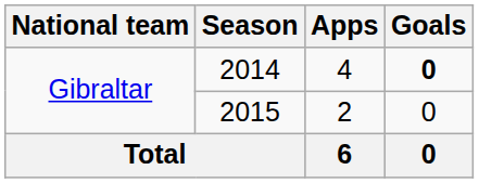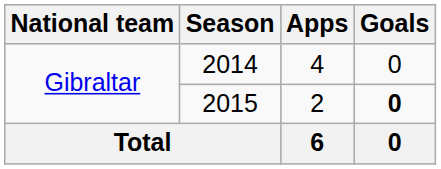 <table class="wikitable" style="text-align: center">
 <tr>
 <th>National team</th>
 <th>Season</th>
 <th>Apps</th>
 <th>Goals</th>
 </tr>
 <tr>
 <td rowspan=2><a href='#'>Gibraltar</a></td>
 <td>2014</td>
 <td>4</td>
-<td><strong>0</strong></td>
+<td>0</td>
 </tr>
 <tr>
 <td>2015</td>
 <td>2</td>
-<td>0</td>
+<td><strong>0</strong></td>
 </tr>
 <tr>
 <th colspan="2">Total</th>
 <th>6</th>
 <th>0</th>
 </tr>
 </table>
